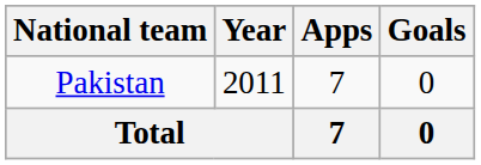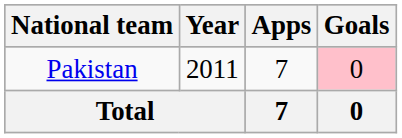 <table class="wikitable" style="text-align:center">
 <tr>
 <th>National team</th>
 <th>Year</th>
 <th>Apps</th>
 <th>Goals</th>
 </tr>
 <tr>
 <td><a href='#'>Pakistan</a></td>
 <td>2011</td>
 <td>7</td>
-<td>0</td>
+<td style="background: pink;">0</td>
 </tr>
 <tr>
 <th colspan="2">Total</th>
 <th>7</th>
 <th>0</th>
 </tr>
 </table>
